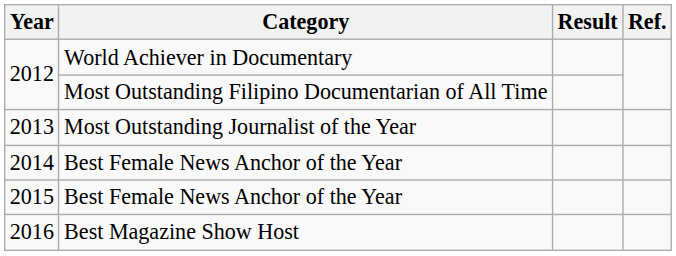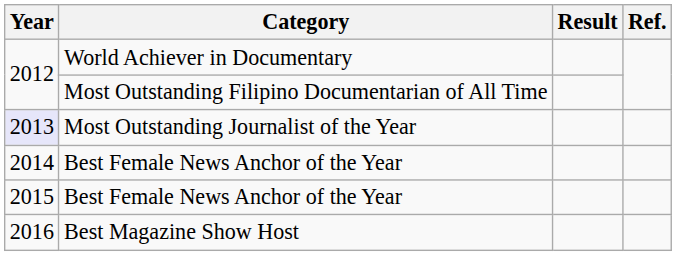 <table class="wikitable plainrowheaders sortable">
 <tr>
 <th>Year</th>
 <th>Category</th>
 <th>Result</th>
 <th>Ref.</th>
 </tr>
 <tr>
 <td rowspan='2'>2012</td>
 <td>World Achiever in Documentary</td>
 <td></td>
 <td rowspan='2'></td>
 </tr>
 <tr>
 <td>Most Outstanding Filipino Documentarian of All Time</td>
 <td></td>
 </tr>
 <tr>
-<td>2013</td>
+<td style="background: lavender;">2013</td>
 <td>Most Outstanding Journalist of the Year</td>
 <td></td>
 <td></td>
 </tr>
 <tr>
 <td>2014</td>
 <td>Best Female News Anchor of the Year</td>
 <td></td>
 <td></td>
 </tr>
 <tr>
 <td>2015</td>
 <td>Best Female News Anchor of the Year</td>
 <td></td>
 <td></td>
 </tr>
 <tr>
 <td>2016</td>
 <td>Best Magazine Show Host</td>
 <td></td>
 <td></td>
 </tr>
 </table>
